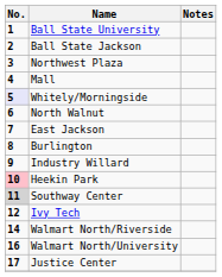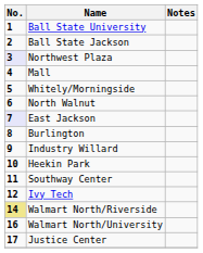 <table class="wikitable">
 <tr>
 <th>No.</th>
 <th>Name</th>
 <th>Notes</th>
 </tr>
 <tr>
 <td><strong>1</strong></td>
 <td><a href='#'>Ball State University</a></td>
 <td></td>
 </tr>
 <tr>
 <td><strong>2</strong></td>
 <td>Ball State Jackson</td>
 <td></td>
 </tr>
 <tr>
-<td><strong>3</strong></td>
+<td style="background: lavender;"><strong>3</strong></td>
 <td>Northwest Plaza</td>
 <td></td>
 </tr>
 <tr>
 <td><strong>4</strong></td>
 <td>Mall</td>
 <td></td>
 </tr>
 <tr>
-<td style="background: lavender;"><strong>5</strong></td>
+<td><strong>5</strong></td>
 <td>Whitely/Morningside</td>
 <td></td>
 </tr>
 <tr>
 <td><strong>6</strong></td>
 <td>North Walnut</td>
 <td></td>
 </tr>
 <tr>
-<td><strong>7</strong></td>
+<td style="background: lavender;"><strong>7</strong></td>
 <td>East Jackson</td>
 <td></td>
 </tr>
 <tr>
 <td><strong>8</strong></td>
 <td>Burlington</td>
 <td></td>
 </tr>
 <tr>
 <td><strong>9</strong></td>
 <td>Industry Willard</td>
 <td></td>
 </tr>
 <tr>
-<td style="background: pink;"><strong>10</strong></td>
+<td><strong>10</strong></td>
 <td>Heekin Park</td>
 <td></td>
 </tr>
 <tr>
-<td style="background: lightgrey;"><strong>11</strong></td>
+<td><strong>11</strong></td>
 <td>Southway Center</td>
 <td></td>
 </tr>
 <tr>
 <td><strong>12</strong></td>
 <td><a href='#'>Ivy Tech</a></td>
 <td></td>
 </tr>
 <tr>
-<td><strong>14</strong></td>
+<td style="background: khaki;"><strong>14</strong></td>
 <td>Walmart North/Riverside</td>
 <td></td>
 </tr>
 <tr>
 <td><strong>16</strong></td>
 <td>Walmart North/University</td>
 <td></td>
 </tr>
 <tr>
 <td><strong>17</strong></td>
 <td>Justice Center</td>
 <td></td>
 </tr>
 <tr>
 </tr>
 </table>
